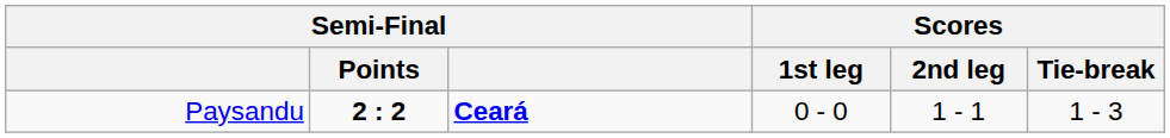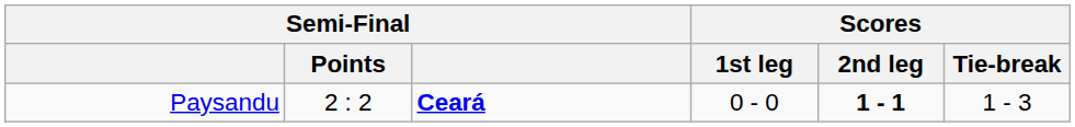 <table class="wikitable" style="text-align:center;">
 <tr>
 <th colspan=3>Semi-Final</th>
 <th colspan=3>Scores</th>
 </tr>
 <tr>
 <th width="175"></th>
 <th width="75">Points</th>
 <th width="175"></th>
 <th width="75">1st leg</th>
 <th width="75">2nd leg</th>
 <th width="75">Tie-break</th>
 </tr>
 <tr>
 <td align=right><a href='#'>Paysandu</a></td>
-<td><strong>2 : 2</strong></td>
+<td>2 : 2</td>
 <td align=left><strong><a href='#'>Ceará</a></strong></td>
 <td>0 - 0</td>
-<td>1 - 1</td>
+<td><strong>1 - 1</strong></td>
 <td>1 - 3</td>
 </tr>
 </table>
